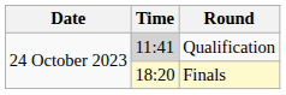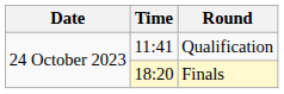 <table class="wikitable">
 <tr>
 <th>Date</th>
 <th>Time</th>
 <th>Round</th>
 </tr>
 <tr>
 <td rowspan=2>24 October 2023</td>
-<td style="background: lightgrey;">11:41</td>
+<td>11:41</td>
 <td>Qualification</td>
 </tr>
 <tr style="background:lemonchiffon">
 <td>18:20</td>
 <td>Finals</td>
 </tr>
 </table>
